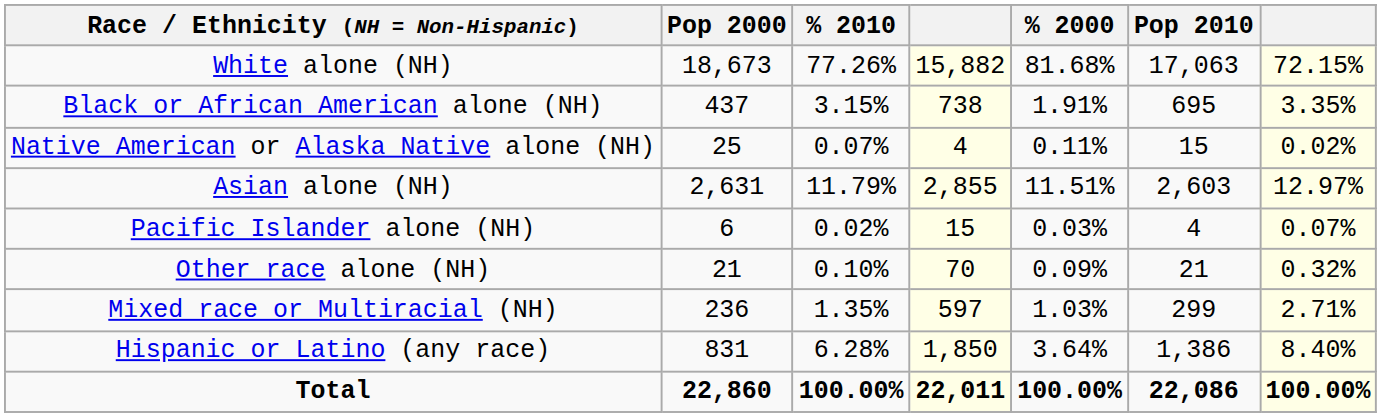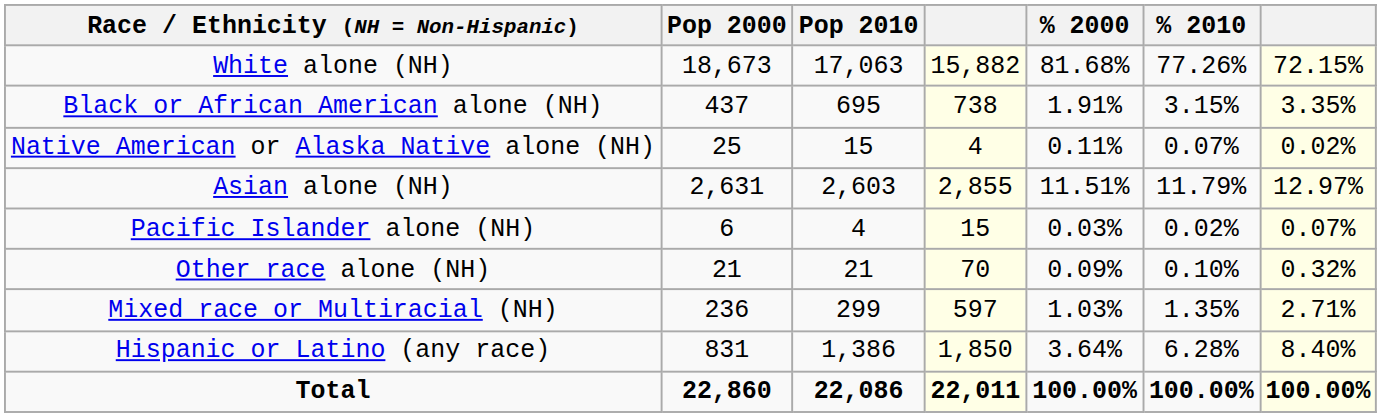 <table class="wikitable" style="text-align:center;">
 <tr>
 <th>Race / Ethnicity <small>(<em>NH = Non-Hispanic</em>)</small></th>
 <th>Pop 2000</th>
-<th>% 2010</th>
+<th>Pop 2010</th>
 <th></th>
 <th>% 2000</th>
-<th>Pop 2010</th>
+<th>% 2010</th>
 <th></th>
 </tr>
 <tr>
 <td><a href='#'>White</a> alone (NH)</td>
 <td>18,673</td>
-<td>77.26%</td>
+<td>17,063</td>
 <td style='background: #ffffe6;'>15,882</td>
 <td>81.68%</td>
-<td>17,063</td>
+<td>77.26%</td>
 <td style='background: #ffffe6;'>72.15%</td>
 </tr>
 <tr>
 <td><a href='#'>Black or African American</a> alone (NH)</td>
 <td>437</td>
-<td>3.15%</td>
+<td>695</td>
 <td style='background: #ffffe6;'>738</td>
 <td>1.91%</td>
-<td>695</td>
+<td>3.15%</td>
 <td style='background: #ffffe6;'>3.35%</td>
 </tr>
 <tr>
 <td><a href='#'>Native American</a> or <a href='#'>Alaska Native</a> alone (NH)</td>
 <td>25</td>
-<td>0.07%</td>
+<td>15</td>
 <td style='background: #ffffe6;'>4</td>
 <td>0.11%</td>
-<td>15</td>
+<td>0.07%</td>
 <td style='background: #ffffe6;'>0.02%</td>
 </tr>
 <tr>
 <td><a href='#'>Asian</a> alone (NH)</td>
 <td>2,631</td>
-<td>11.79%</td>
+<td>2,603</td>
 <td style='background: #ffffe6;'>2,855</td>
 <td>11.51%</td>
-<td>2,603</td>
+<td>11.79%</td>
 <td style='background: #ffffe6;'>12.97%</td>
 </tr>
 <tr>
 <td><a href='#'>Pacific Islander</a> alone (NH)</td>
 <td>6</td>
-<td>0.02%</td>
+<td>4</td>
 <td style='background: #ffffe6;'>15</td>
 <td>0.03%</td>
-<td>4</td>
+<td>0.02%</td>
 <td style='background: #ffffe6;'>0.07%</td>
 </tr>
 <tr>
 <td><a href='#'>Other race</a> alone (NH)</td>
 <td>21</td>
-<td>0.10%</td>
+<td>21</td>
 <td style='background: #ffffe6;'>70</td>
 <td>0.09%</td>
-<td>21</td>
+<td>0.10%</td>
 <td style='background: #ffffe6;'>0.32%</td>
 </tr>
 <tr>
 <td><a href='#'>Mixed race or Multiracial</a> (NH)</td>
 <td>236</td>
-<td>1.35%</td>
+<td>299</td>
 <td style='background: #ffffe6;'>597</td>
 <td>1.03%</td>
-<td>299</td>
+<td>1.35%</td>
 <td style='background: #ffffe6;'>2.71%</td>
 </tr>
 <tr>
 <td><a href='#'>Hispanic or Latino</a> (any race)</td>
 <td>831</td>
-<td>6.28%</td>
+<td>1,386</td>
 <td style='background: #ffffe6;'>1,850</td>
 <td>3.64%</td>
-<td>1,386</td>
+<td>6.28%</td>
 <td style='background: #ffffe6;'>8.40%</td>
 </tr>
 <tr>
 <td><strong>Total</strong></td>
 <td><strong>22,860</strong></td>
-<td><strong>100.00%</strong></td>
+<td><strong>22,086</strong></td>
 <td style='background: #ffffe6;'><strong>22,011</strong></td>
 <td><strong>100.00%</strong></td>
-<td><strong>22,086</strong></td>
+<td><strong>100.00%</strong></td>
 <td style='background: #ffffe6;'><strong>100.00%</strong></td>
 </tr>
 </table>
